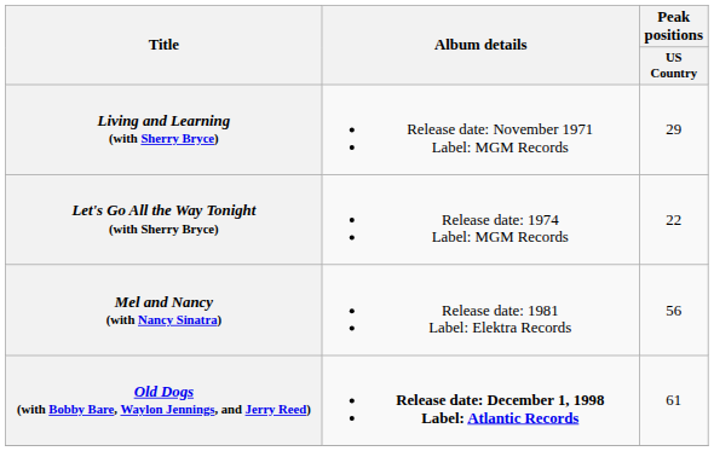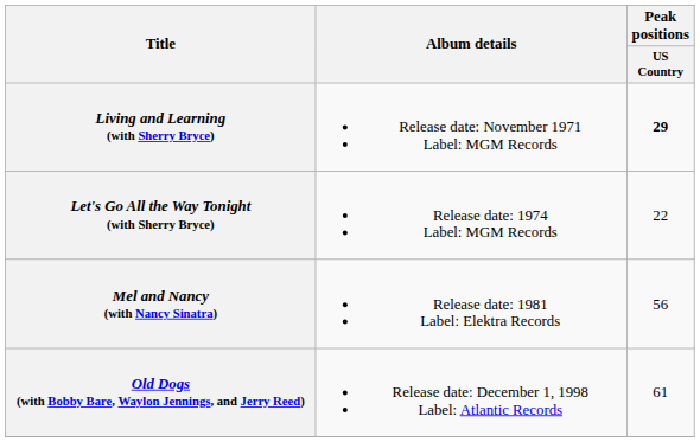 <table class="wikitable plainrowheaders" style="text-align:center;">
 <tr>
 <th rowspan="2" style="width:20em;">Title</th>
 <th rowspan="2" style="width:20em;">Album details</th>
 <th colspan="1">Peak positions</th>
 </tr>
 <tr style="font-size:smaller;">
 <th width="65">US Country<br></th>
 </tr>
 <tr>
 <th scope="row"><em>Living and Learning</em> <br><small>(with <a href='#'>Sherry Bryce</a>)</small></th>
 <td><br><ul><li>Release date: November 1971</li><li>Label: MGM Records</li></ul></td>
-<td>29</td>
+<td><strong>29</strong></td>
 </tr>
 <tr>
 <th scope="row"><em>Let's Go All the Way Tonight</em> <br><small>(with Sherry Bryce)</small></th>
 <td><br><ul><li>Release date: 1974</li><li>Label: MGM Records</li></ul></td>
 <td>22</td>
 </tr>
 <tr>
 <th scope="row"><em>Mel and Nancy</em> <br><small>(with <a href='#'>Nancy Sinatra</a>)</small></th>
 <td><br><ul><li>Release date: 1981</li><li>Label: Elektra Records</li></ul></td>
 <td>56</td>
 </tr>
 <tr>
 <th scope="row"><em><a href='#'>Old Dogs</a></em> <br><small>(with <a href='#'>Bobby Bare</a>, <a href='#'>Waylon Jennings</a>, and <a href='#'>Jerry Reed</a>)</small></th>
-<td><strong><br><ul><li>Release date: December 1, 1998</li><li>Label: <a href='#'>Atlantic Records</a></li></ul></strong></td>
+<td><br><ul><li>Release date: December 1, 1998</li><li>Label: <a href='#'>Atlantic Records</a></li></ul></td>
 <td>61</td>
 </tr>
 <tr>
 </tr>
 </table>
